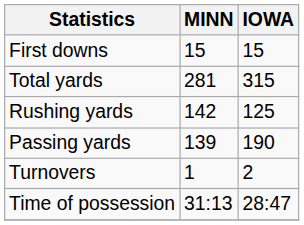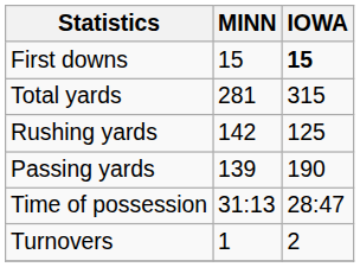 <table class="wikitable">
 <tr>
 <th>Statistics</th>
 <th>MINN</th>
 <th>IOWA</th>
 </tr>
 <tr>
 <td>First downs</td>
 <td>15</td>
-<td>15</td>
+<td><strong>15</strong></td>
 </tr>
 <tr>
 <td>Total yards</td>
 <td>281</td>
 <td>315</td>
 </tr>
 <tr>
 <td>Rushing yards</td>
 <td>142</td>
 <td>125</td>
 </tr>
 <tr>
 <td>Passing yards</td>
 <td>139</td>
 <td>190</td>
 </tr>
 <tr>
+<td>Time of possession</td>
+<td>31:13</td>
+<td>28:47</td>
+</tr>
+<tr>
 <td>Turnovers</td>
 <td>1</td>
 <td>2</td>
 </tr>
 <tr>
-<td>Time of possession</td>
-<td>31:13</td>
-<td>28:47</td>
-</tr>
-<tr>
 </tr>
 </table>
